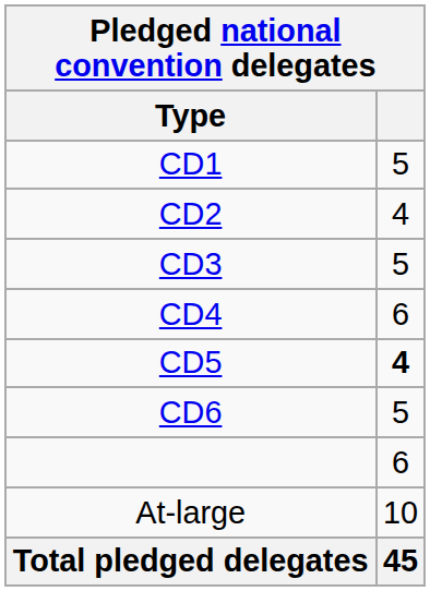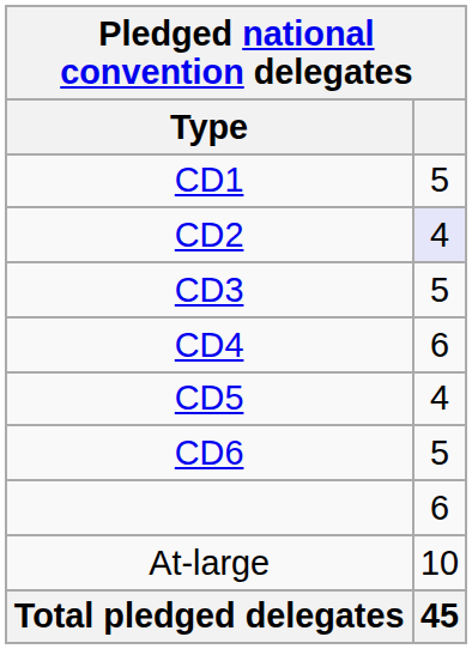 <table class="wikitable sortable" style="font-size:90%;text-align:center;float:none;padding:5px;">
 <tr>
 <th colspan="2">Pledged <a href='#'>national<br>convention</a> delegates</th>
 </tr>
 <tr>
 <th>Type</th>
 <th></th>
 </tr>
 <tr>
 <td><a href='#'>CD1</a></td>
 <td>5</td>
 </tr>
 <tr>
 <td><a href='#'>CD2</a></td>
-<td>4</td>
+<td style="background: lavender;">4</td>
 </tr>
 <tr>
 <td><a href='#'>CD3</a></td>
 <td>5</td>
 </tr>
 <tr>
 <td><a href='#'>CD4</a></td>
 <td>6</td>
 </tr>
 <tr>
 <td><a href='#'>CD5</a></td>
-<td><strong>4</strong></td>
+<td>4</td>
 </tr>
 <tr>
 <td><a href='#'>CD6</a></td>
 <td>5</td>
 </tr>
 <tr>
 <td></td>
 <td>6</td>
 </tr>
 <tr>
 <td>At-large</td>
 <td>10</td>
 </tr>
 <tr>
 <th>Total pledged delegates</th>
 <th>45</th>
 </tr>
 </table>
